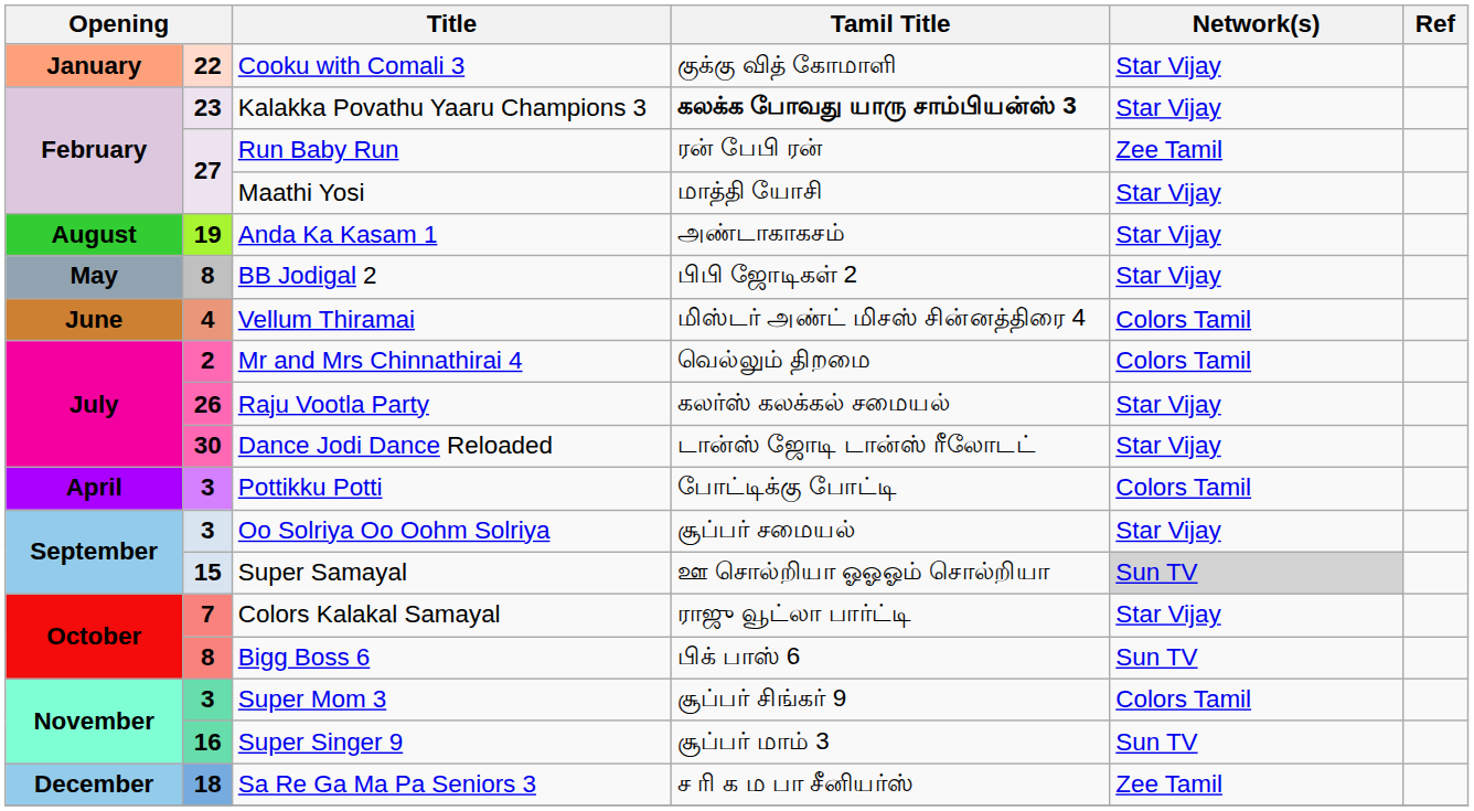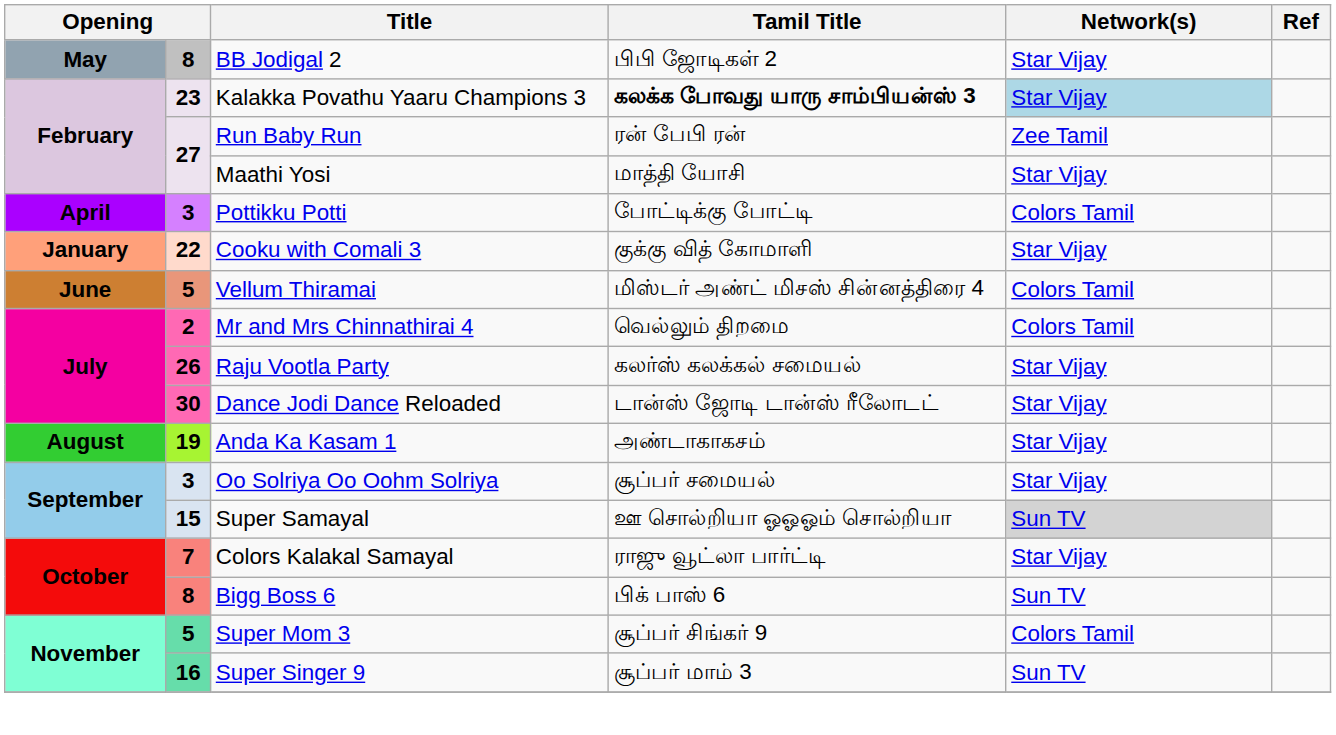 <table class="wikitable" width="75%">
 <tr>
 <th colspan="2">Opening</th>
 <th style="width:30%;">Title</th>
 <th style="width:30%;">Tamil Title</th>
 <th style="width:20%;">Network(s)</th>
 <th>Ref</th>
 </tr>
 <tr>
-<td rowspan="1" style="text-align:center;background:#ffa07a;textcolor:#000;"><strong>January</strong></td>
-<td style="text-align:center; background:#ffdacc;"><strong>22</strong></td>
-<td><a href='#'>Cooku with Comali 3</a></td>
-<td>குக்கு வித் கோமாளி</td>
+<td rowspan="1" style="text-align:center; background:#91a3b0; textcolor:#000;"><strong>May</strong></td>
+<td style="text-align:center; background:silver"><strong>8</strong></td>
+<td><a href='#'>BB Jodigal</a> 2</td>
+<td>பிபி ஜோடிகள் 2</td>
 <td><a href='#'>Star Vijay</a></td>
 <td></td>
 </tr>
 <tr>
 <td rowspan="3" style="text-align:center; background:#dcc7df; textcolor:#000;"><strong>February</strong></td>
 <td rowspan="1" style="text-align:center; background:#ede3ef;"><strong>23</strong></td>
 <td>Kalakka Povathu Yaaru Champions 3</td>
 <td><strong>கலக்க போவது யாரு சாம்பியன்ஸ் 3</strong></td>
-<td><a href='#'>Star Vijay</a></td>
+<td style="background: lightblue;"><a href='#'>Star Vijay</a></td>
 <td></td>
 </tr>
 <tr>
 <td rowspan="2" style="text-align:center; background:#ede3ef;"><strong>27</strong></td>
 <td><a href='#'>Run Baby Run</a></td>
 <td>ரன் பேபி ரன்</td>
 <td><a href='#'>Zee Tamil</a></td>
 <td></td>
 </tr>
 <tr>
 <td>Maathi Yosi</td>
 <td>மாத்தி யோசி</td>
 <td><a href='#'>Star Vijay</a></td>
 <td></td>
 </tr>
 <tr>
-<td style="text-align:center; background:#32CD32; textcolor:#d580ff;"><strong>August</strong></td>
-<td style="text-align:center; background:#a7f432;"><strong>19</strong></td>
-<td><a href='#'>Anda Ka Kasam 1</a></td>
-<td>அண்டாகாகசம்</td>
-<td><a href='#'>Star Vijay</a></td>
+<td rowspan="1" style="text-align:center; background:#a0f; textcolor:#d580ff;"><strong>April</strong></td>
+<td style="text-align:center; background:#d580ff"><strong>3</strong></td>
+<td><a href='#'>Pottikku Potti</a></td>
+<td>போட்டிக்கு போட்டி</td>
+<td><a href='#'>Colors Tamil</a></td>
 <td></td>
 </tr>
 <tr>
-<td rowspan="1" style="text-align:center; background:#91a3b0; textcolor:#000;"><strong>May</strong></td>
-<td style="text-align:center; background:silver"><strong>8</strong></td>
-<td><a href='#'>BB Jodigal</a> 2</td>
-<td>பிபி ஜோடிகள் 2</td>
+<td rowspan="1" style="text-align:center;background:#ffa07a;textcolor:#000;"><strong>January</strong></td>
+<td style="text-align:center; background:#ffdacc;"><strong>22</strong></td>
+<td><a href='#'>Cooku with Comali 3</a></td>
+<td>குக்கு வித் கோமாளி</td>
 <td><a href='#'>Star Vijay</a></td>
 <td></td>
 </tr>
 <tr>
 <td rowspan="1" style="text-align:center; background:#CD7F32; textcolor:#000;"><strong>June</strong></td>
-<td style="text-align:center; background:#e9967a;"><strong>4</strong></td>
+<td style="text-align:center; background:#e9967a;"><strong>5</strong></td>
 <td><a href='#'>Vellum Thiramai</a></td>
 <td>மிஸ்டர் அண்ட் மிசஸ் சின்னத்திரை 4</td>
 <td><a href='#'>Colors Tamil</a></td>
 <td></td>
 </tr>
 <tr>
 <td rowspan="3" style="text-align:center; background:#F400A1; textcolor:#000;"><strong>July</strong></td>
 <td style="text-align:center; background:hotPink;"><strong>2</strong></td>
 <td><a href='#'>Mr and Mrs Chinnathirai 4</a></td>
 <td>வெல்லும் திறமை</td>
 <td><a href='#'>Colors Tamil</a></td>
 <td></td>
 </tr>
 <tr>
 <td style="text-align:center; background:hotPink;"><strong>26</strong></td>
 <td><a href='#'>Raju Vootla Party</a></td>
 <td>கலர்ஸ் கலக்கல் சமையல்</td>
 <td><a href='#'>Star Vijay</a></td>
 <td></td>
 </tr>
 <tr>
 <td style="text-align:center; background:hotPink;"><strong>30</strong></td>
 <td><a href='#'>Dance Jodi Dance</a> Reloaded</td>
 <td>டான்ஸ் ஜோடி டான்ஸ் ரீலோடட்</td>
 <td><a href='#'>Star Vijay</a></td>
 <td></td>
 </tr>
 <tr>
-<td rowspan="1" style="text-align:center; background:#a0f; textcolor:#d580ff;"><strong>April</strong></td>
-<td style="text-align:center; background:#d580ff"><strong>3</strong></td>
-<td><a href='#'>Pottikku Potti</a></td>
-<td>போட்டிக்கு போட்டி</td>
-<td><a href='#'>Colors Tamil</a></td>
+<td style="text-align:center; background:#32CD32; textcolor:#d580ff;"><strong>August</strong></td>
+<td style="text-align:center; background:#a7f432;"><strong>19</strong></td>
+<td><a href='#'>Anda Ka Kasam 1</a></td>
+<td>அண்டாகாகசம்</td>
+<td><a href='#'>Star Vijay</a></td>
 <td></td>
 </tr>
 <tr>
 <td rowspan="2" style="text-align:center; background:#93CCEA; textcolor:#d580ff;"><strong>September</strong></td>
 <td style="text-align:center; background:#d9e4f1;"><strong>3</strong></td>
 <td><a href='#'>Oo Solriya Oo Oohm Solriya</a></td>
 <td>சூப்பர் சமையல்</td>
 <td><a href='#'>Star Vijay</a></td>
 <td></td>
 </tr>
 <tr>
 <td style="text-align:center; background:#d9e4f1;"><strong>15</strong></td>
 <td>Super Samayal</td>
 <td>ஊ சொல்றியா ஓஓஓம் சொல்றியா</td>
 <td style="background: lightgrey;"><a href='#'>Sun TV</a></td>
 <td></td>
 </tr>
 <tr>
 <td rowspan="2" style="text-align:center; background:#f40b0b; textcolor:#000;"><strong>October</strong></td>
 <td style="text-align:center;background:#f9827c;"><strong>7</strong></td>
 <td>Colors Kalakal Samayal</td>
 <td>ராஜு வூட்லா பார்ட்டி</td>
 <td><a href='#'>Star Vijay</a></td>
 </tr>
 <tr>
 <td style="text-align:center;background:#f9827c;"><strong>8</strong></td>
 <td><a href='#'>Bigg Boss 6</a></td>
 <td>பிக் பாஸ் 6</td>
 <td><a href='#'>Sun TV</a></td>
 <td></td>
 </tr>
 <tr>
 <td rowspan="2" style="text-align:center; background:#7FFFD4; textcolor:#000;"><strong>November</strong></td>
-<td style="text-align:center; background:#6da;"><strong>3</strong></td>
+<td style="text-align:center; background:#6da;"><strong>5</strong></td>
 <td><a href='#'>Super Mom 3</a></td>
 <td>சூப்பர் சிங்கர் 9</td>
 <td><a href='#'>Colors Tamil</a></td>
 <td></td>
 </tr>
 <tr>
 <td style="text-align:center; background:#6da;"><strong>16</strong></td>
 <td><a href='#'>Super Singer 9</a></td>
 <td>சூப்பர் மாம் 3</td>
 <td><a href='#'>Sun TV</a></td>
 <td></td>
 </tr>
 <tr>
-<td style="text-align:center; background:#93CCEA; textcolor:#000;"><strong>December</strong></td>
-<td style="text-align:center; background:#76ABDF;"><strong>18</strong></td>
-<td><a href='#'>Sa Re Ga Ma Pa Seniors 3</a></td>
-<td>ச ரி க ம பா சீனியர்ஸ்</td>
-<td><a href='#'>Zee Tamil</a></td>
-<td></td>
-</tr>
-<tr>
 </tr>
 </table>
